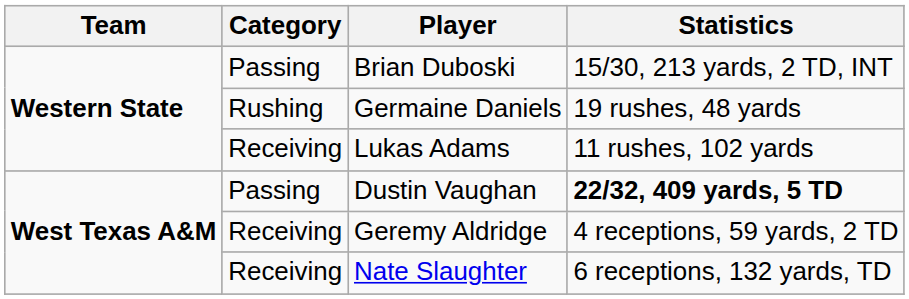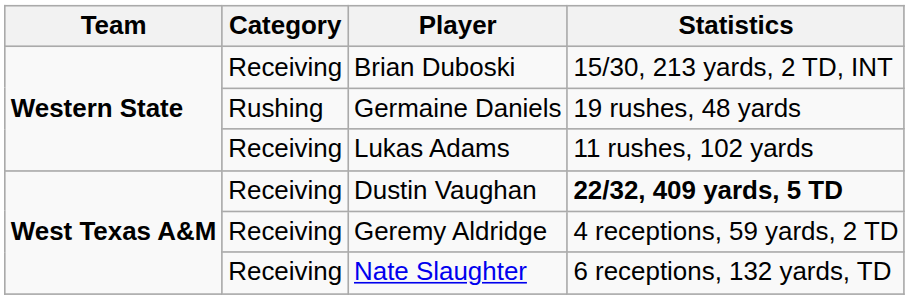 <table class="wikitable" style="float: left;">
 <tr>
 <th>Team</th>
 <th>Category</th>
 <th>Player</th>
 <th>Statistics</th>
 </tr>
 <tr>
 <td rowspan=3><strong>Western State</strong></td>
-<td>Passing</td>
+<td>Receiving</td>
 <td>Brian Duboski</td>
 <td>15/30, 213 yards, 2 TD, INT</td>
 </tr>
 <tr>
 <td>Rushing</td>
 <td>Germaine Daniels</td>
 <td>19 rushes, 48 yards</td>
 </tr>
 <tr>
 <td>Receiving</td>
 <td>Lukas Adams</td>
 <td>11 rushes, 102 yards</td>
 </tr>
 <tr>
 <td rowspan=3><strong>West Texas A&M</strong></td>
-<td>Passing</td>
+<td>Receiving</td>
 <td>Dustin Vaughan</td>
 <td><strong>22/32, 409 yards, 5 TD</strong></td>
 </tr>
 <tr>
 <td>Receiving</td>
 <td>Geremy Aldridge</td>
 <td>4 receptions, 59 yards, 2 TD</td>
 </tr>
 <tr>
 <td>Receiving</td>
 <td><a href='#'>Nate Slaughter</a></td>
 <td>6 receptions, 132 yards, TD</td>
 </tr>
 </table>
